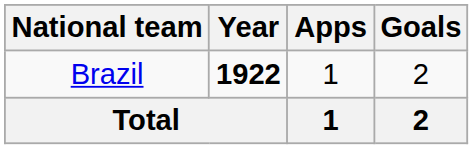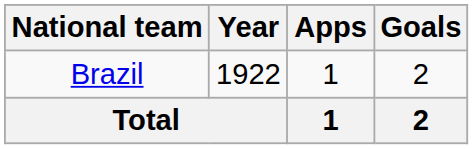 <table class="wikitable" style="text-align:center">
 <tr>
 <th>National team</th>
 <th>Year</th>
 <th>Apps</th>
 <th>Goals</th>
 </tr>
 <tr>
 <td rowspan="1"><a href='#'>Brazil</a></td>
-<td><strong>1922</strong></td>
+<td>1922</td>
 <td>1</td>
 <td>2</td>
 </tr>
 <tr>
 <th colspan=2>Total</th>
 <th>1</th>
 <th>2</th>
 </tr>
 </table>
